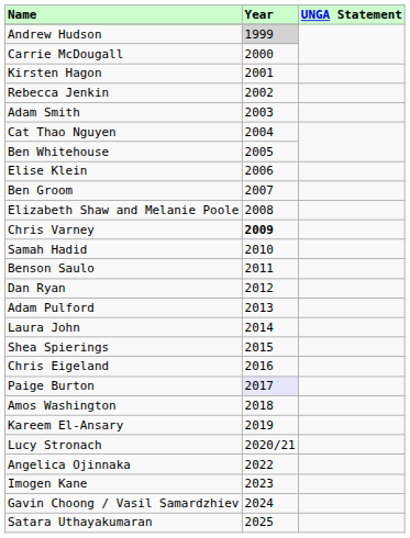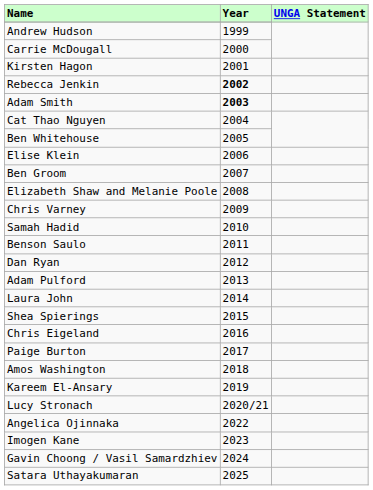 <table border="1" class="wikitable">
 <tr style="background-color:#cfc;">
 <td><strong>Name</strong></td>
 <td><strong>Year</strong></td>
 <td><strong><a href='#'>UNGA</a> Statement</strong></td>
 </tr>
 <tr>
 </tr>
 <tr>
 <td>Andrew Hudson</td>
-<td style="background: lightgrey;">1999</td>
+<td>1999</td>
 </tr>
 <tr>
 <td>Carrie McDougall</td>
 <td>2000</td>
 </tr>
 <tr>
 <td>Kirsten Hagon</td>
 <td>2001</td>
 <td></td>
 </tr>
 <tr>
 <td>Rebecca Jenkin</td>
-<td>2002</td>
+<td><strong>2002</strong></td>
 <td></td>
 </tr>
 <tr>
 <td>Adam Smith</td>
-<td>2003</td>
+<td><strong>2003</strong></td>
 <td></td>
 </tr>
 <tr>
 <td>Cat Thao Nguyen</td>
 <td>2004</td>
 </tr>
 <tr>
 <td>Ben Whitehouse</td>
 <td>2005</td>
 </tr>
 <tr>
 <td>Elise Klein</td>
 <td>2006</td>
 <td></td>
 </tr>
 <tr>
 <td>Ben Groom</td>
 <td>2007</td>
 <td></td>
 </tr>
 <tr>
 <td>Elizabeth Shaw and Melanie Poole</td>
 <td>2008</td>
 <td></td>
 </tr>
 <tr>
 <td>Chris Varney</td>
-<td><strong>2009</strong></td>
+<td>2009</td>
 <td></td>
 </tr>
 <tr>
 <td>Samah Hadid</td>
 <td>2010</td>
 <td></td>
 </tr>
 <tr>
 <td>Benson Saulo</td>
 <td>2011</td>
 <td></td>
 </tr>
 <tr>
 <td>Dan Ryan</td>
 <td>2012</td>
 <td></td>
 </tr>
 <tr>
 <td>Adam Pulford</td>
 <td>2013</td>
 <td></td>
 </tr>
 <tr>
 <td>Laura John</td>
 <td>2014</td>
 <td></td>
 </tr>
 <tr>
 <td>Shea Spierings</td>
 <td>2015</td>
 <td></td>
 </tr>
 <tr>
 <td>Chris Eigeland</td>
 <td>2016</td>
 <td></td>
 </tr>
 <tr>
 <td>Paige Burton</td>
-<td style="background: lavender;">2017</td>
+<td>2017</td>
 <td></td>
 </tr>
 <tr>
 <td>Amos Washington</td>
 <td>2018</td>
 <td></td>
 </tr>
 <tr>
 <td>Kareem El-Ansary</td>
 <td>2019</td>
 <td></td>
 </tr>
 <tr>
 <td>Lucy Stronach</td>
 <td>2020/21</td>
 <td></td>
 </tr>
 <tr>
 <td>Angelica Ojinnaka</td>
 <td>2022</td>
 <td></td>
 </tr>
 <tr>
 <td>Imogen Kane</td>
 <td>2023</td>
 <td></td>
 </tr>
 <tr>
 <td>Gavin Choong / Vasil Samardzhiev</td>
 <td>2024</td>
 <td></td>
 </tr>
 <tr>
 <td>Satara Uthayakumaran</td>
 <td>2025</td>
 <td></td>
 </tr>
 </table>
